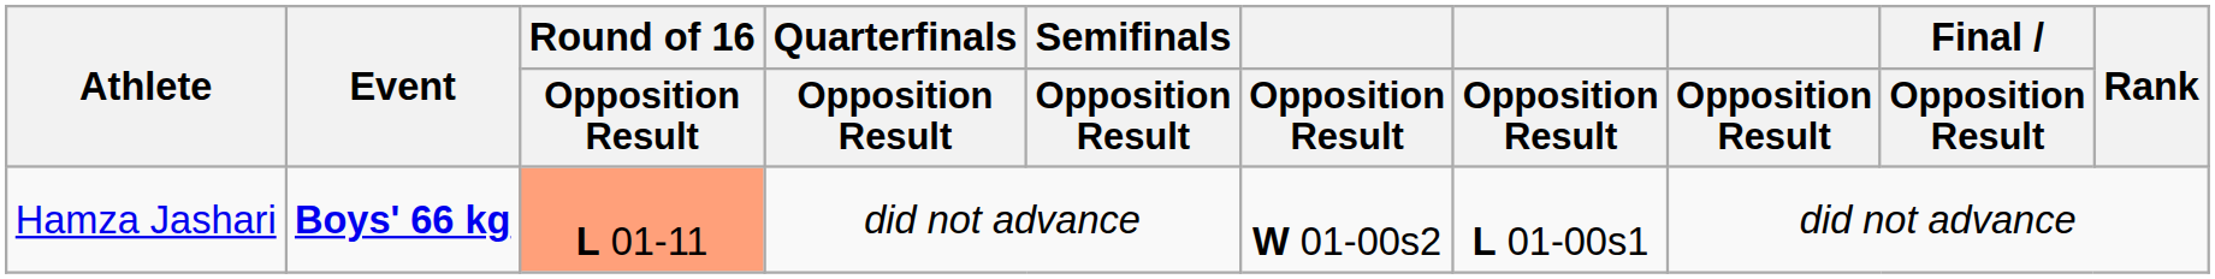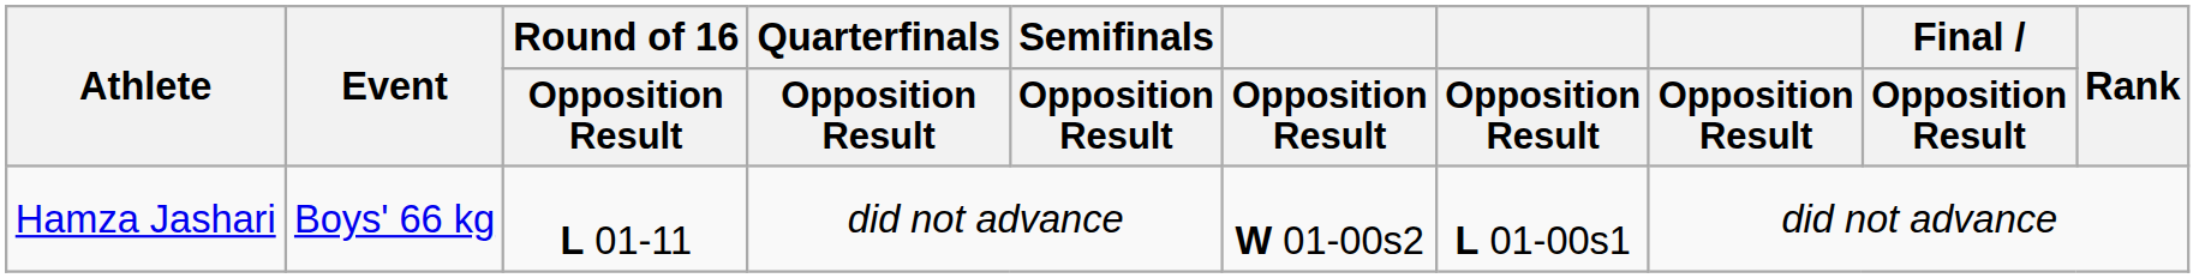 <table class="wikitable" style="font-size:90%">
 <tr>
 <th rowspan="2">Athlete</th>
 <th rowspan="2">Event</th>
 <th>Round of 16</th>
 <th>Quarterfinals</th>
 <th>Semifinals</th>
 <th></th>
 <th></th>
 <th></th>
 <th>Final / </th>
 <th rowspan=2>Rank</th>
 </tr>
 <tr style="font-size:95%">
 <th>Opposition<br>Result</th>
 <th>Opposition<br>Result</th>
 <th>Opposition<br>Result</th>
 <th>Opposition<br>Result</th>
 <th>Opposition<br>Result</th>
 <th>Opposition<br>Result</th>
 <th>Opposition<br>Result</th>
 </tr>
 <tr align=center>
 <td align=left><a href='#'>Hamza Jashari</a></td>
-<td align=left><strong><a href='#'>Boys' 66 kg</a></strong></td>
-<td style="background: lightsalmon;"><br> <strong>L</strong> 01-11</td>
+<td align=left><a href='#'>Boys' 66 kg</a></td>
+<td><br> <strong>L</strong> 01-11</td>
 <td colspan=2><em>did not advance</em></td>
 <td><br> <strong>W</strong> 01-00s2</td>
 <td><br> <strong>L</strong> 01-00s1</td>
 <td colspan=3><em>did not advance</em></td>
 </tr>
 </table>
